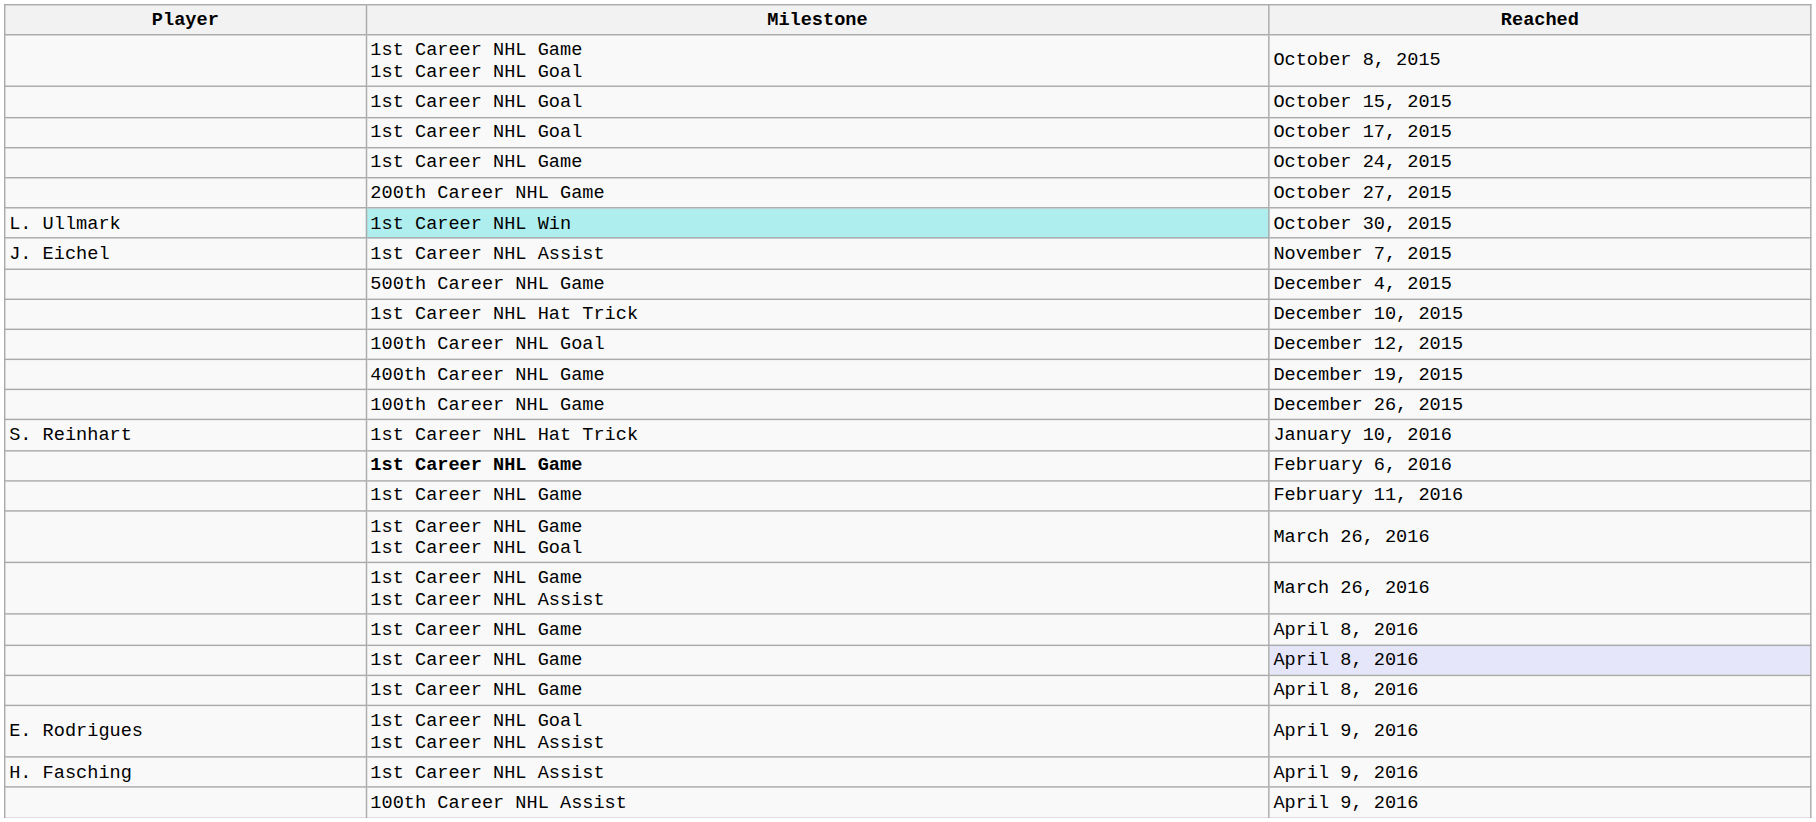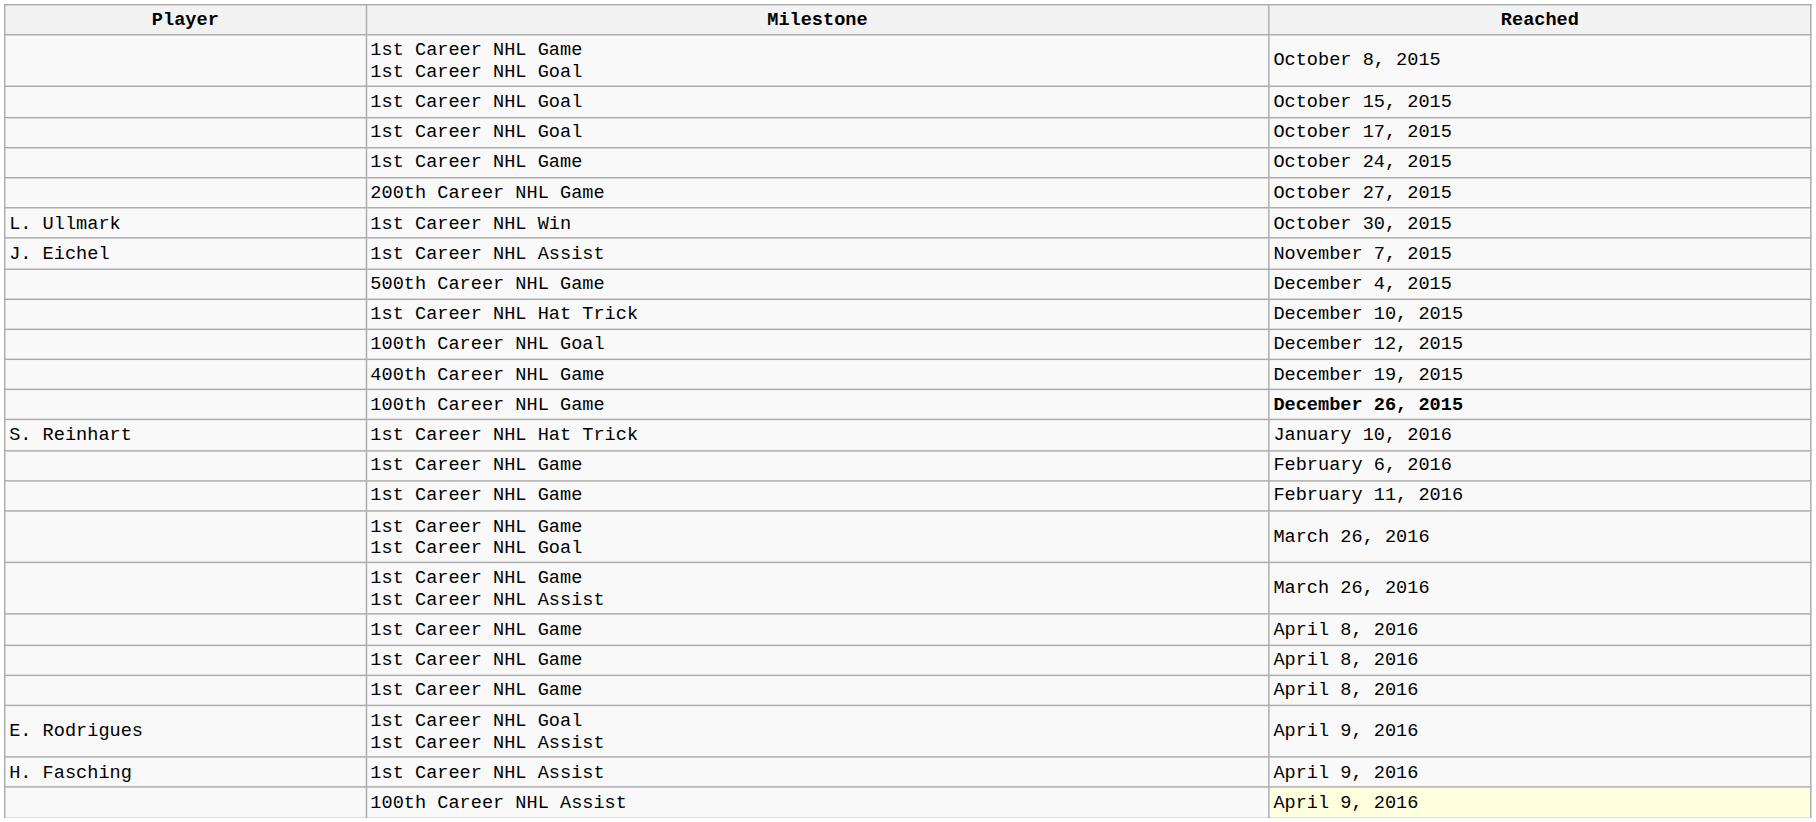 <table class="wikitable sortable" style="width:100%;">
 <tr align=center>
 <th style="width:20%;">Player</th>
 <th style="width:50%;">Milestone</th>
 <th style="width:30%;" data-sort-type="date">Reached</th>
 </tr>
 <tr>
 <td></td>
 <td>1st Career NHL Game<br>1st Career NHL Goal</td>
 <td>October 8, 2015</td>
 </tr>
 <tr>
 <td></td>
 <td>1st Career NHL Goal</td>
 <td>October 15, 2015</td>
 </tr>
 <tr>
 <td></td>
 <td>1st Career NHL Goal</td>
 <td>October 17, 2015</td>
 </tr>
 <tr>
 <td></td>
 <td>1st Career NHL Game</td>
 <td>October 24, 2015</td>
 </tr>
 <tr>
 <td></td>
 <td>200th Career NHL Game</td>
 <td>October 27, 2015</td>
 </tr>
 <tr>
 <td>L. Ullmark</td>
-<td style="background: paleturquoise;">1st Career NHL Win</td>
+<td>1st Career NHL Win</td>
 <td>October 30, 2015</td>
 </tr>
 <tr>
 <td>J. Eichel</td>
 <td>1st Career NHL Assist</td>
 <td>November 7, 2015</td>
 </tr>
 <tr>
 <td></td>
 <td>500th Career NHL Game</td>
 <td>December 4, 2015</td>
 </tr>
 <tr>
 <td></td>
 <td>1st Career NHL Hat Trick</td>
 <td>December 10, 2015</td>
 </tr>
 <tr>
 <td></td>
 <td>100th Career NHL Goal</td>
 <td>December 12, 2015</td>
 </tr>
 <tr>
 <td></td>
 <td>400th Career NHL Game</td>
 <td>December 19, 2015</td>
 </tr>
 <tr>
 <td></td>
 <td>100th Career NHL Game</td>
-<td>December 26, 2015</td>
+<td><strong>December 26, 2015</strong></td>
 </tr>
 <tr>
 <td>S. Reinhart</td>
 <td>1st Career NHL Hat Trick</td>
 <td>January 10, 2016</td>
 </tr>
 <tr>
 <td></td>
-<td><strong>1st Career NHL Game</strong></td>
+<td>1st Career NHL Game</td>
 <td>February 6, 2016</td>
 </tr>
 <tr>
 <td></td>
 <td>1st Career NHL Game</td>
 <td>February 11, 2016</td>
 </tr>
 <tr>
 <td></td>
 <td>1st Career NHL Game<br>1st Career NHL Goal</td>
 <td>March 26, 2016</td>
 </tr>
 <tr>
 <td></td>
 <td>1st Career NHL Game<br>1st Career NHL Assist</td>
 <td>March 26, 2016</td>
 </tr>
 <tr>
 <td></td>
 <td>1st Career NHL Game</td>
 <td>April 8, 2016</td>
 </tr>
 <tr>
 <td></td>
 <td>1st Career NHL Game</td>
-<td style="background: lavender;">April 8, 2016</td>
+<td>April 8, 2016</td>
 </tr>
 <tr>
 <td></td>
 <td>1st Career NHL Game</td>
 <td>April 8, 2016</td>
 </tr>
 <tr>
 <td>E. Rodrigues</td>
 <td>1st Career NHL Goal<br>1st Career NHL Assist</td>
 <td>April 9, 2016</td>
 </tr>
 <tr>
 <td>H. Fasching</td>
 <td>1st Career NHL Assist</td>
 <td>April 9, 2016</td>
 </tr>
 <tr>
 <td></td>
 <td>100th Career NHL Assist</td>
-<td>April 9, 2016</td>
+<td style="background: lightyellow;">April 9, 2016</td>
 </tr>
 </table>
